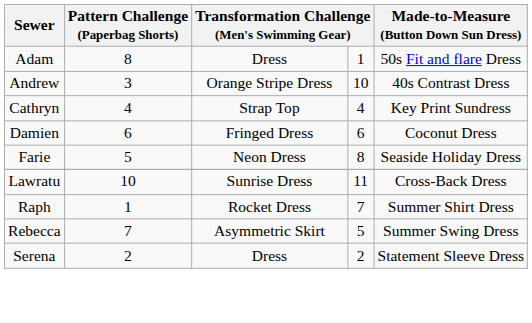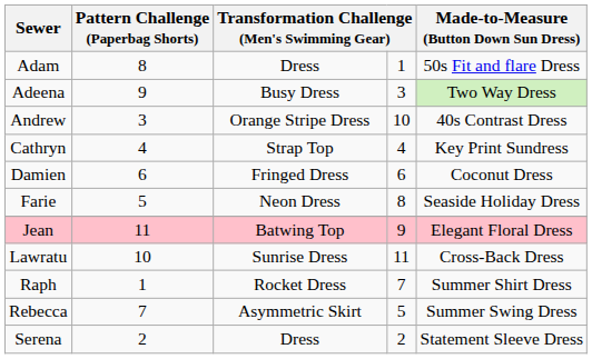 <table class="wikitable" style="text-align:center;">
 <tr>
 <th>Sewer</th>
 <th>Pattern Challenge<br><small>(Paperbag Shorts)</small></th>
 <th colspan="2">Transformation Challenge<br><small>(Men's Swimming Gear)</small></th>
 <th>Made-to-Measure<br><small>(Button Down Sun Dress)</small></th>
 </tr>
 <tr>
 <td>Adam</td>
 <td>8</td>
 <td>Dress</td>
 <td>1</td>
 <td>50s <a href='#'>Fit and flare</a> Dress</td>
+</tr>
+<tr>
+<td>Adeena</td>
+<td>9</td>
+<td>Busy Dress</td>
+<td>3</td>
+<td style="background:#d0f0c0">Two Way Dress</td>
 </tr>
 <tr>
 <td>Andrew</td>
 <td>3</td>
 <td>Orange Stripe Dress</td>
 <td>10</td>
 <td>40s Contrast Dress</td>
 </tr>
 <tr>
 <td>Cathryn</td>
 <td>4</td>
 <td>Strap Top</td>
 <td>4</td>
 <td>Key Print Sundress</td>
 </tr>
 <tr>
 <td>Damien</td>
 <td>6</td>
 <td>Fringed Dress</td>
 <td>6</td>
 <td>Coconut Dress</td>
 </tr>
 <tr>
 <td>Farie</td>
 <td>5</td>
 <td>Neon Dress</td>
 <td>8</td>
 <td>Seaside Holiday Dress</td>
 </tr>
 <tr>
 </tr>
+<tr style="background:pink">
+<td>Jean</td>
+<td>11</td>
+<td>Batwing Top</td>
+<td>9</td>
+<td>Elegant Floral Dress</td>
+</tr>
 <tr>
 <td>Lawratu</td>
 <td>10</td>
 <td>Sunrise Dress</td>
 <td>11</td>
 <td>Cross-Back Dress</td>
 </tr>
 <tr>
 <td>Raph</td>
 <td>1</td>
 <td>Rocket Dress</td>
 <td>7</td>
 <td>Summer Shirt Dress</td>
 </tr>
 <tr>
 <td>Rebecca</td>
 <td>7</td>
 <td>Asymmetric Skirt</td>
 <td>5</td>
 <td>Summer Swing Dress</td>
 </tr>
 <tr>
 <td>Serena</td>
 <td>2</td>
 <td>Dress</td>
 <td>2</td>
 <td>Statement Sleeve Dress</td>
 </tr>
 </table>
